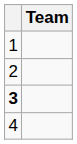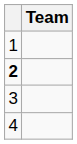 <table class="wikitable">
 <tr>
 <th></th>
 <th>Team</th>
 </tr>
 <tr>
 <td align=center>1</td>
 <td><strong></strong></td>
 </tr>
 <tr>
-<td align=center>2</td>
+<td align=center><strong>2</strong></td>
 <td></td>
 </tr>
 <tr>
-<td align=center><strong>3</strong></td>
+<td align=center>3</td>
 <td></td>
 </tr>
 <tr>
 <td align=center>4</td>
 <td></td>
 </tr>
 </table>
